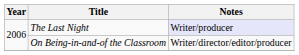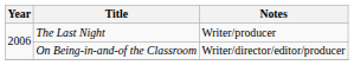 <table class="wikitable sortable">
 <tr>
 <th>Year</th>
 <th>Title</th>
 <th>Notes</th>
 </tr>
 <tr>
 <td rowspan="2">2006</td>
 <td><em>The Last Night</em></td>
-<td style="background: lavender;">Writer/producer</td>
+<td>Writer/producer</td>
 </tr>
 <tr>
 <td><em>On Being-in-and-of the Classroom</em></td>
 <td>Writer/director/editor/producer</td>
 </tr>
 <tr>
 </tr>
 </table>
